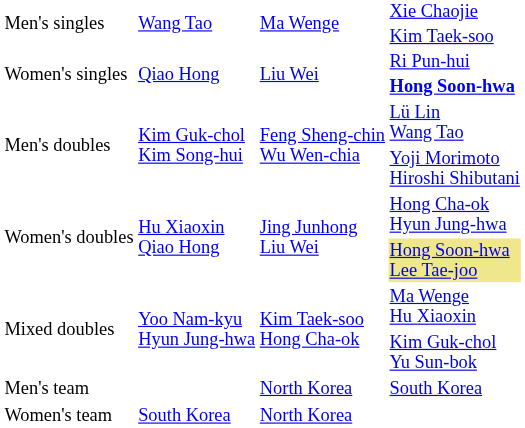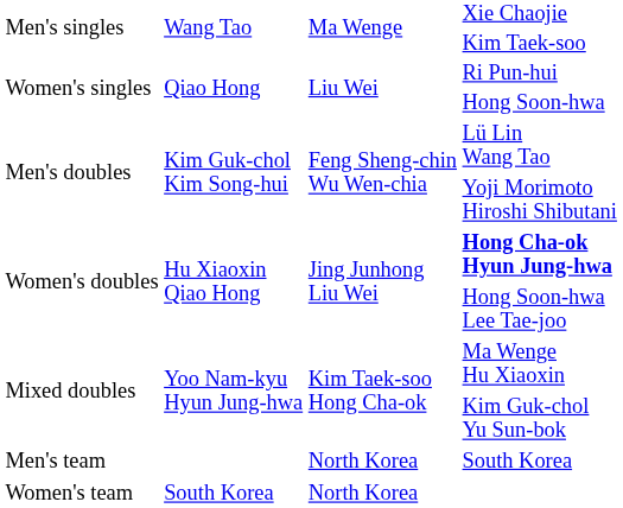 <table>
 <tr>
 <td rowspan=2>Men's singles <br></td>
 <td rowspan=2> <a href='#'>Wang Tao</a></td>
 <td rowspan=2> <a href='#'>Ma Wenge</a></td>
 <td> <a href='#'>Xie Chaojie</a></td>
 </tr>
 <tr>
 <td> <a href='#'>Kim Taek-soo</a></td>
 </tr>
 <tr>
 <td rowspan=2>Women's singles <br></td>
 <td rowspan=2> <a href='#'>Qiao Hong</a></td>
 <td rowspan=2> <a href='#'>Liu Wei</a></td>
 <td> <a href='#'>Ri Pun-hui</a></td>
 </tr>
 <tr>
-<td><strong> <a href='#'>Hong Soon-hwa</a></strong></td>
+<td> <a href='#'>Hong Soon-hwa</a></td>
 </tr>
 <tr>
 <td rowspan=2>Men's doubles <br></td>
 <td rowspan=2> <a href='#'>Kim Guk-chol</a><br> <a href='#'>Kim Song-hui</a></td>
 <td rowspan=2> <a href='#'>Feng Sheng-chin</a><br> <a href='#'>Wu Wen-chia</a></td>
 <td> <a href='#'>Lü Lin</a><br> <a href='#'>Wang Tao</a></td>
 </tr>
 <tr>
 <td> <a href='#'>Yoji Morimoto</a><br> <a href='#'>Hiroshi Shibutani</a></td>
 </tr>
 <tr>
 <td rowspan=2>Women's doubles <br></td>
 <td rowspan=2> <a href='#'>Hu Xiaoxin</a><br> <a href='#'>Qiao Hong</a></td>
 <td rowspan=2> <a href='#'>Jing Junhong</a><br> <a href='#'>Liu Wei</a></td>
-<td> <a href='#'>Hong Cha-ok</a><br>  <a href='#'>Hyun Jung-hwa</a></td>
+<td><strong> <a href='#'>Hong Cha-ok</a><br>  <a href='#'>Hyun Jung-hwa</a></strong></td>
 </tr>
 <tr>
-<td style="background: khaki;"> <a href='#'>Hong Soon-hwa</a><br> <a href='#'>Lee Tae-joo</a></td>
+<td> <a href='#'>Hong Soon-hwa</a><br> <a href='#'>Lee Tae-joo</a></td>
 </tr>
 <tr>
 <td rowspan=2>Mixed doubles <br></td>
 <td rowspan=2> <a href='#'>Yoo Nam-kyu</a><br> <a href='#'>Hyun Jung-hwa</a></td>
 <td rowspan=2> <a href='#'>Kim Taek-soo</a><br> <a href='#'>Hong Cha-ok</a></td>
 <td> <a href='#'>Ma Wenge</a><br> <a href='#'>Hu Xiaoxin</a></td>
 </tr>
 <tr>
 <td> <a href='#'>Kim Guk-chol</a><br> <a href='#'>Yu Sun-bok</a></td>
 </tr>
 <tr>
 <td rowspan=1>Men's team <br></td>
 <td rowspan=1></td>
 <td rowspan=1> <a href='#'>North Korea</a></td>
 <td> <a href='#'>South Korea</a></td>
 </tr>
 <tr>
 </tr>
 <tr>
 <td rowspan=1>Women's team <br></td>
 <td rowspan=1> <a href='#'>South Korea</a></td>
 <td rowspan=1> <a href='#'>North Korea</a></td>
 <td></td>
 </tr>
 <tr>
 </tr>
 </table>
